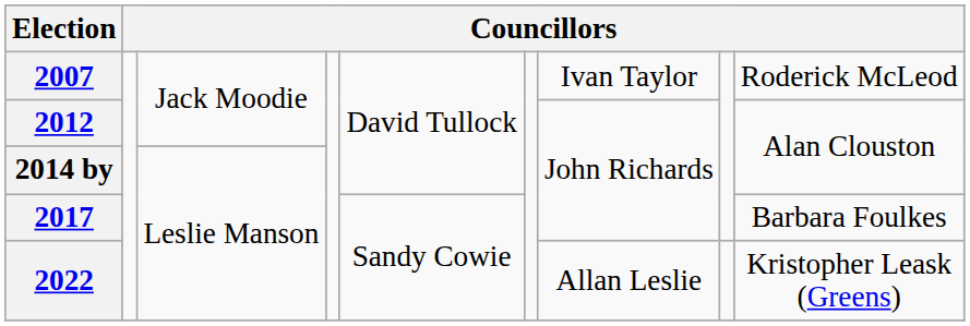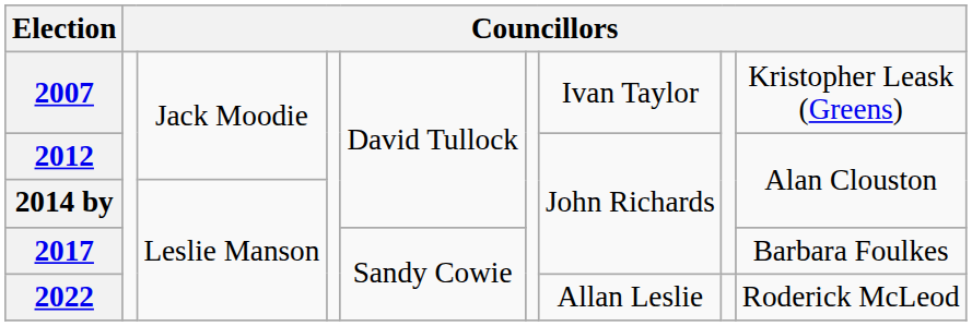 <table class="wikitable" style="text-align:center">
 <tr>
 <th>Election</th>
 <th colspan=8>Councillors</th>
 </tr>
 <tr>
 <th><a href='#'>2007</a></th>
 <td rowspan=5; style="background-color: "></td>
 <td rowspan=2>Jack Moodie</td>
 <td rowspan=5; style="background-color: "></td>
 <td rowspan=3>David Tullock</td>
 <td rowspan=5; style="background-color: "></td>
 <td>Ivan Taylor</td>
 <td rowspan=4; style="background-color: "></td>
-<td rowspan=1>Roderick McLeod</td>
+<td>Kristopher Leask<br>(<a href='#'>Greens</a>)</td>
 </tr>
 <tr>
 <th><a href='#'>2012</a></th>
 <td rowspan=3>John Richards</td>
 <td rowspan=2>Alan Clouston</td>
 </tr>
 <tr>
 <th>2014 by</th>
 <td rowspan=3>Leslie Manson</td>
 </tr>
 <tr>
 <th><a href='#'>2017</a></th>
 <td rowspan=2>Sandy Cowie</td>
 <td rowspan=1>Barbara Foulkes</td>
 </tr>
 <tr>
 <th><a href='#'>2022</a></th>
 <td rowspan=1>Allan Leslie</td>
 <td rowspan=1; style="background-color: "></td>
-<td>Kristopher Leask<br>(<a href='#'>Greens</a>)</td>
+<td rowspan=1>Roderick McLeod</td>
 </tr>
 </table>
